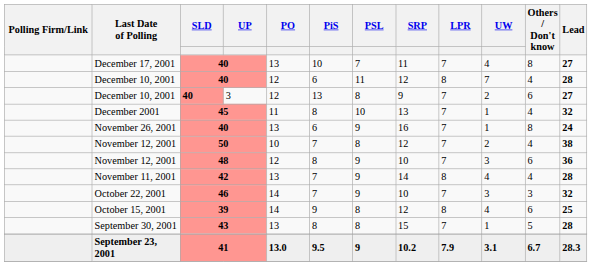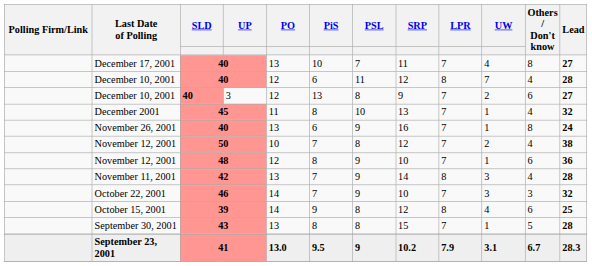 <table class="wikitable sortable collapsible">
 <tr style="height:42px; text-align:center; background-color:#E9E9E9">
 <th rowspan="2" style="width:130px;">Polling Firm/Link</th>
 <th rowspan="2" data-sort-type="date" style="width:130px;">Last Date<br>of Polling</th>
 <th style="width:60px;" class="unsortable"><a href='#'>SLD</a></th>
 <th style="width:60px;" class="unsortable"><a href='#'>UP</a></th>
 <th style="width:60px;" class="unsortable"><a href='#'>PO</a></th>
 <th style="width:60px;" class="unsortable"><a href='#'>PiS</a></th>
 <th style="width:60px;" class="unsortable"><a href='#'>PSL</a></th>
 <th style="width:60px;" class="unsortable"><a href='#'>SRP</a></th>
 <th style="width:60px;" class="unsortable"><a href='#'>LPR</a></th>
 <th style="width:60px;" class="unsortable"><a href='#'>UW</a></th>
 <th rowspan="2" data-sort-type="number" style="width:40px;">Others /<br>Don't know</th>
 <th rowspan="2" data-sort-type="number" style="width:30px;">Lead</th>
 </tr>
 <tr>
 <th data-sort-type="number" style="height:1px; background:"></th>
 <th data-sort-type="number" style="height:1px; background:"></th>
 <th data-sort-type="number" style="height:1px; background:"></th>
 <th data-sort-type="number" style="height:1px; background:"></th>
 <th data-sort-type="number" style="height:1px; background:"></th>
 <th data-sort-type="number" style="height:1px; background:"></th>
 <th data-sort-type="number" style="height:1px; background:"></th>
 <th data-sort-type="number" style="height:1px; background:"></th>
 </tr>
 <tr>
 <td></td>
 <td>December 17, 2001</td>
 <td colspan=2 align=center style="background:#FF9691"><strong>40</strong></td>
 <td>13</td>
 <td>10</td>
 <td>7</td>
 <td>11</td>
 <td>7</td>
 <td>4</td>
 <td>8</td>
 <td style="background:"><strong>27</strong></td>
 </tr>
 <tr>
 <td></td>
 <td>December 10, 2001</td>
 <td colspan=2 align=center style="background:#FF9691"><strong>40</strong></td>
 <td>12</td>
 <td>6</td>
 <td>11</td>
 <td>12</td>
 <td>8</td>
 <td>7</td>
 <td>4</td>
 <td style="background:"><strong>28</strong></td>
 </tr>
 <tr>
 <td></td>
 <td>December 10, 2001</td>
 <td style="background:#FF9691"><strong>40</strong></td>
 <td>3</td>
 <td>12</td>
 <td>13</td>
 <td>8</td>
 <td>9</td>
 <td>7</td>
 <td>2</td>
 <td>6</td>
 <td style="background:"><strong>27</strong></td>
 </tr>
 <tr>
 <td></td>
 <td>December 2001</td>
 <td colspan=2 align=center style="background:#FF9691"><strong>45</strong></td>
 <td>11</td>
 <td>8</td>
 <td>10</td>
 <td>13</td>
 <td>7</td>
 <td>1</td>
 <td>4</td>
 <td style="background:"><strong>32</strong></td>
 </tr>
 <tr>
 <td></td>
 <td>November 26, 2001</td>
 <td colspan=2 align=center style="background:#FF9691"><strong>40</strong></td>
 <td>13</td>
 <td>6</td>
 <td>9</td>
 <td>16</td>
 <td>7</td>
 <td>1</td>
 <td>8</td>
 <td style="background:"><strong>24</strong></td>
 </tr>
 <tr>
 <td></td>
 <td>November 12, 2001</td>
 <td colspan=2 align=center style="background:#FF9691"><strong>50</strong></td>
 <td>10</td>
 <td>7</td>
 <td>8</td>
 <td>12</td>
 <td>7</td>
 <td>2</td>
 <td>4</td>
 <td style="background:"><strong>38</strong></td>
 </tr>
 <tr>
 <td></td>
 <td>November 12, 2001</td>
 <td colspan=2 align=center style="background:#FF9691"><strong>48</strong></td>
 <td>12</td>
 <td>8</td>
 <td>9</td>
 <td>10</td>
 <td>7</td>
-<td>3</td>
+<td>1</td>
 <td>6</td>
 <td style="background:"><strong>36</strong></td>
 </tr>
 <tr>
 <td></td>
 <td>November 11, 2001</td>
 <td colspan=2 align=center style="background:#FF9691"><strong>42</strong></td>
 <td>13</td>
 <td>7</td>
 <td>9</td>
 <td>14</td>
 <td>8</td>
-<td>4</td>
+<td>3</td>
 <td>4</td>
 <td style="background:"><strong>28</strong></td>
 </tr>
 <tr>
 <td></td>
 <td>October 22, 2001</td>
 <td colspan=2 align=center style="background:#FF9691"><strong>46</strong></td>
 <td>14</td>
 <td>7</td>
 <td>9</td>
 <td>10</td>
 <td>7</td>
 <td>3</td>
 <td>3</td>
 <td style="background:"><strong>32</strong></td>
 </tr>
 <tr>
 <td></td>
 <td>October 15, 2001</td>
 <td colspan=2 align=center style="background:#FF9691"><strong>39</strong></td>
 <td>14</td>
 <td>9</td>
 <td>8</td>
 <td>12</td>
 <td>8</td>
 <td>4</td>
 <td>6</td>
 <td style="background:"><strong>25</strong></td>
 </tr>
 <tr>
 <td></td>
 <td>September 30, 2001</td>
 <td colspan=2 align=center style="background:#FF9691"><strong>43</strong></td>
 <td>13</td>
 <td>8</td>
 <td>8</td>
 <td>15</td>
 <td>7</td>
 <td>1</td>
 <td>5</td>
 <td style="background:"><strong>28</strong></td>
 </tr>
 <tr>
 </tr>
 <tr style="background:#EFEFEF; font-weight:bold;">
 <td></td>
 <td>September 23, 2001</td>
 <td colspan=2 align=center style="background:#FF9691">41</td>
 <td>13.0</td>
 <td>9.5</td>
 <td>9</td>
 <td>10.2</td>
 <td>7.9</td>
 <td>3.1</td>
 <td>6.7</td>
 <td style="background:"><strong>28.3</strong></td>
 </tr>
 <tr>
 </tr>
 </table>
